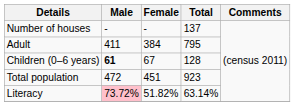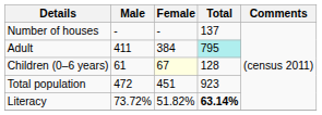 <table class="wikitable sortable">
 <tr>
 <th>Details</th>
 <th>Male</th>
 <th>Female</th>
 <th>Total</th>
 <th>Comments</th>
 </tr>
 <tr>
 <td>Number of houses</td>
 <td>-</td>
 <td>-</td>
 <td>137</td>
 <td rowspan="5">(census 2011) </td>
 </tr>
 <tr>
 <td>Adult</td>
 <td>411</td>
 <td>384</td>
-<td>795</td>
+<td style="background: paleturquoise;">795</td>
 </tr>
 <tr>
 <td>Children (0–6 years)</td>
-<td><strong>61</strong></td>
-<td>67</td>
+<td>61</td>
+<td style="background: lightyellow;">67</td>
 <td>128</td>
 </tr>
 <tr>
 <td>Total population</td>
 <td>472</td>
 <td>451</td>
 <td>923</td>
 </tr>
 <tr>
 <td>Literacy</td>
-<td style="background: pink;">73.72%</td>
+<td>73.72%</td>
 <td>51.82%</td>
-<td>63.14%</td>
+<td><strong>63.14%</strong></td>
 </tr>
 <tr>
 </tr>
 </table>
